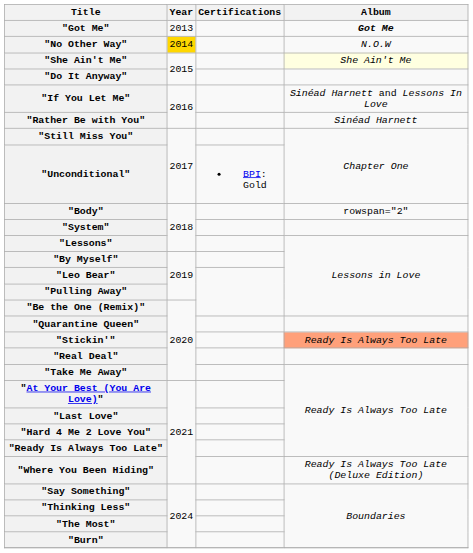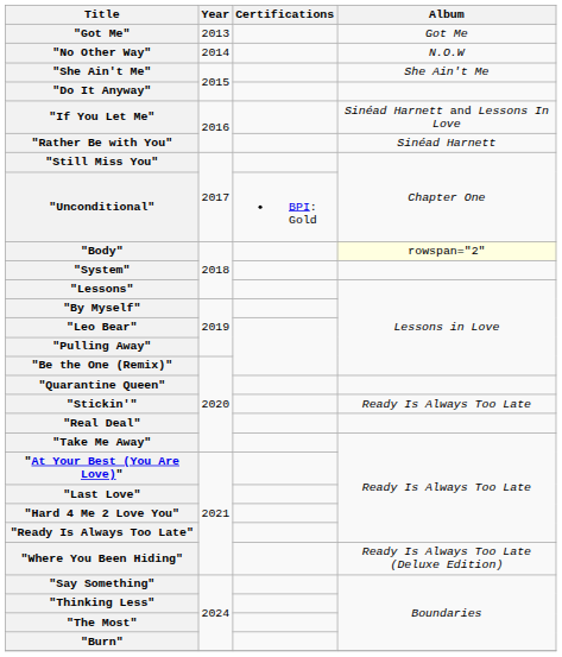 <table class="wikitable plainrowheaders" style="text-align:center;">
 <tr>
 <th scope="col" style="width:16em;">Title</th>
 <th scope="col">Year</th>
 <th scope="col">Certifications</th>
 <th scope="col">Album</th>
 </tr>
 <tr>
 <th scope="row">"Got Me"</th>
 <td>2013</td>
 <td></td>
-<td><strong><em>Got Me</em></strong></td>
+<td><em>Got Me</em></td>
 </tr>
 <tr>
 <th scope="row">"No Other Way" </th>
-<td style="background: gold;">2014</td>
+<td>2014</td>
 <td></td>
 <td><em>N.O.W</em></td>
 </tr>
 <tr>
 <th scope="row">"She Ain't Me"</th>
 <td rowspan="2">2015</td>
 <td></td>
-<td style="background: lightyellow;"><em>She Ain't Me</em></td>
+<td><em>She Ain't Me</em></td>
 </tr>
 <tr>
 <th scope="row">"Do It Anyway"</th>
 <td></td>
 <td></td>
 </tr>
 <tr>
 <th scope="row">"If You Let Me" </th>
 <td rowspan="2">2016</td>
 <td></td>
 <td><em>Sinéad Harnett</em> and <em>Lessons In Love</em></td>
 </tr>
 <tr>
 <th scope="row">"Rather Be with You"</th>
 <td></td>
 <td><em>Sinéad Harnett</em></td>
 </tr>
 <tr>
 <th scope="row">"Still Miss You"</th>
 <td rowspan="2">2017</td>
 <td></td>
 <td rowspan="2"><em>Chapter One</em></td>
 </tr>
 <tr>
 <th scope="row">"Unconditional"</th>
 <td><br><ul><li><a href='#'>BPI</a>: Gold</li></ul></td>
 </tr>
 <tr>
 <th scope="row">"Body"</th>
 <td rowspan="3">2018</td>
 <td></td>
-<td>rowspan="2" </td>
+<td style="background: lightyellow;">rowspan="2" </td>
 </tr>
 <tr>
 <th scope="row">"System" </th>
 <td></td>
 </tr>
 <tr>
 <th scope="row">"Lessons"</th>
 <td></td>
 <td rowspan="5"><em>Lessons in Love</em></td>
 </tr>
 <tr>
 <th scope="row">"By Myself"</th>
 <td rowspan="3">2019</td>
 <td></td>
 </tr>
 <tr>
 <th scope="row">"Leo Bear"</th>
 </tr>
 <tr>
 <th scope="row">"Pulling Away" </th>
 </tr>
 <tr>
 <th scope="row">"Be the One (Remix)" </th>
 <td rowspan="5">2020</td>
 </tr>
 <tr>
 <th scope="row">"Quarantine Queen"</th>
 <td></td>
 <td></td>
 </tr>
 <tr>
 <th scope="row">"Stickin'"  </th>
 <td></td>
-<td rowspan="1" style="background: lightsalmon;"><em>Ready Is Always Too Late</em></td>
+<td rowspan="1"><em>Ready Is Always Too Late</em></td>
 </tr>
 <tr>
 <th scope="row">"Real Deal" </th>
 <td></td>
 <td></td>
 </tr>
 <tr>
 <th scope="row">"Take Me Away" </th>
 <td></td>
 <td rowspan="5"><em>Ready Is Always Too Late</em></td>
 </tr>
 <tr>
 <th scope="row">"<a href='#'>At Your Best (You Are Love)</a>"</th>
 <td rowspan="5">2021</td>
 <td></td>
 </tr>
 <tr>
 <th scope="row">"Last Love"</th>
 <td></td>
 </tr>
 <tr>
 <th scope="row">"Hard 4 Me 2 Love You"</th>
 <td></td>
 </tr>
 <tr>
 <th scope="row">"Ready Is Always Too Late"</th>
 <td></td>
 </tr>
 <tr>
 <th scope="row">"Where You Been Hiding"</th>
 <td></td>
 <td><em>Ready Is Always Too Late (Deluxe Edition)</em></td>
 </tr>
 <tr>
 <th scope="row">"Say Something"</th>
 <td rowspan="4">2024</td>
 <td></td>
 <td rowspan="4"><em>Boundaries</em></td>
 </tr>
 <tr>
 <th scope="row">"Thinking Less"</th>
 <td></td>
 </tr>
 <tr>
 <th scope="row">"The Most"</th>
 <td></td>
 </tr>
 <tr>
 <th scope="row">"Burn"</th>
 <td></td>
 </tr>
 <tr>
 </tr>
 </table>
